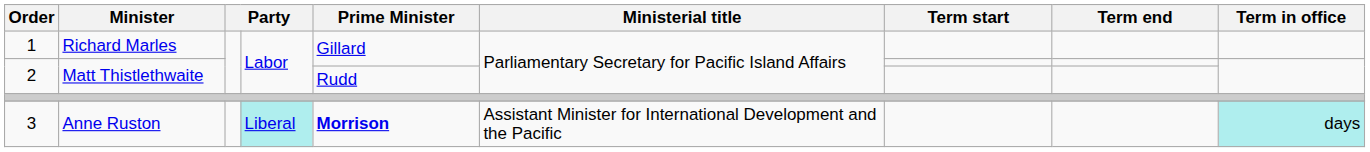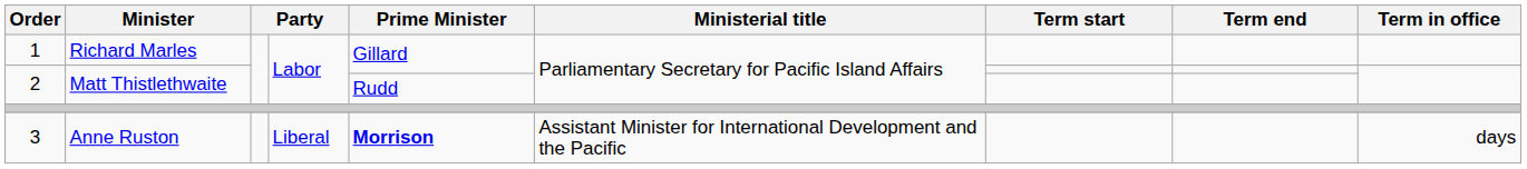 <table class="wikitable">
 <tr>
 <th width=5>Order</th>
 <th width=150>Minister</th>
 <th width=75 colspan="2">Party</th>
 <th width=150>Prime Minister</th>
 <th width=375>Ministerial title</th>
 <th width=150>Term start</th>
 <th width=150>Term end</th>
 <th width=130>Term in office</th>
 </tr>
 <tr>
 <td align=center>1</td>
 <td><a href='#'>Richard Marles</a></td>
 <td rowspan=3 > </td>
 <td rowspan=3><a href='#'>Labor</a></td>
 <td rowspan=2><a href='#'>Gillard</a></td>
 <td rowspan=3>Parliamentary Secretary for Pacific Island Affairs</td>
 <td align=center></td>
 <td align=center></td>
 <td align=right><strong></strong></td>
 </tr>
 <tr>
 <td rowspan=2 align=center>2</td>
 <td rowspan=2><a href='#'>Matt Thistlethwaite</a></td>
 <td align=center></td>
 <td align=center></td>
 <td rowspan=2 align=right></td>
 </tr>
 <tr>
 <td><a href='#'>Rudd</a></td>
 <td align=center></td>
 <td align=center></td>
 </tr>
 <tr>
 <th colspan=9 style="background: #cccccc;"></th>
 </tr>
 <tr>
 </tr>
 <tr>
 <td align=center>3</td>
 <td><a href='#'>Anne Ruston</a></td>
 <td> </td>
-<td style="background: paleturquoise;"><a href='#'>Liberal</a></td>
+<td><a href='#'>Liberal</a></td>
 <td><strong><a href='#'>Morrison</a></strong></td>
 <td>Assistant Minister for International Development and the Pacific</td>
 <td align=center></td>
 <td align=center></td>
-<td align=right style="background: paleturquoise;"> days</td>
+<td align=right> days</td>
 </tr>
 </table>
